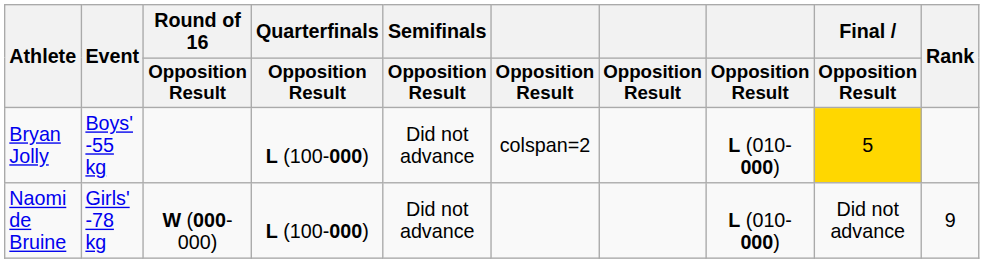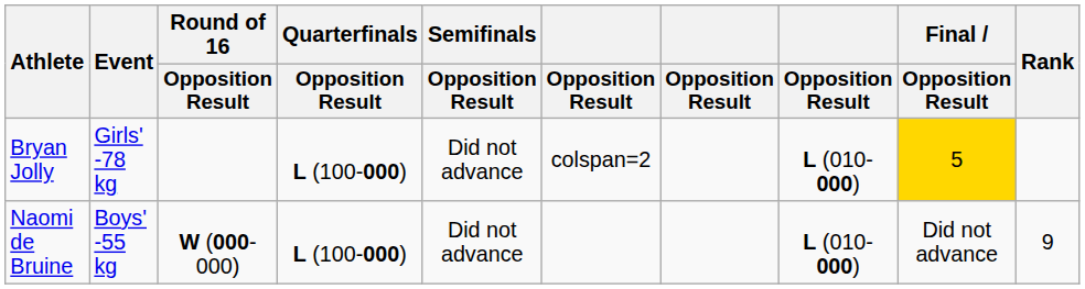 <table class="wikitable" style="font-size:90%">
 <tr>
 <th rowspan="2">Athlete</th>
 <th rowspan="2">Event</th>
 <th>Round of 16</th>
 <th>Quarterfinals</th>
 <th>Semifinals</th>
 <th></th>
 <th></th>
 <th></th>
 <th>Final / </th>
 <th rowspan=2>Rank</th>
 </tr>
 <tr style="font-size:95%">
 <th>Opposition<br>Result</th>
 <th>Opposition<br>Result</th>
 <th>Opposition<br>Result</th>
 <th>Opposition<br>Result</th>
 <th>Opposition<br>Result</th>
 <th>Opposition<br>Result</th>
 <th>Opposition<br>Result</th>
 </tr>
 <tr align=center>
 <td align=left><a href='#'>Bryan Jolly</a></td>
-<td align=left><a href='#'>Boys' -55 kg</a></td>
+<td align=left><a href='#'>Girls' -78 kg</a></td>
 <td></td>
 <td><br><strong>L</strong> (100-<strong>000</strong>)</td>
 <td>Did not advance</td>
 <td>colspan=2 </td>
 <td></td>
 <td><br><strong>L</strong> (010-<strong>000</strong>)</td>
 <td style="background: gold;">5</td>
 </tr>
 <tr align=center>
 <td align=left><a href='#'>Naomi de Bruine</a></td>
-<td align=left><a href='#'>Girls' -78 kg</a></td>
+<td align=left><a href='#'>Boys' -55 kg</a></td>
 <td><br><strong>W</strong> (<strong>000</strong>-000)</td>
 <td><br><strong>L</strong> (100-<strong>000</strong>)</td>
 <td>Did not advance</td>
 <td></td>
 <td></td>
 <td><br><strong>L</strong> (010-<strong>000</strong>)</td>
 <td>Did not advance</td>
 <td>9</td>
 </tr>
 </table>
